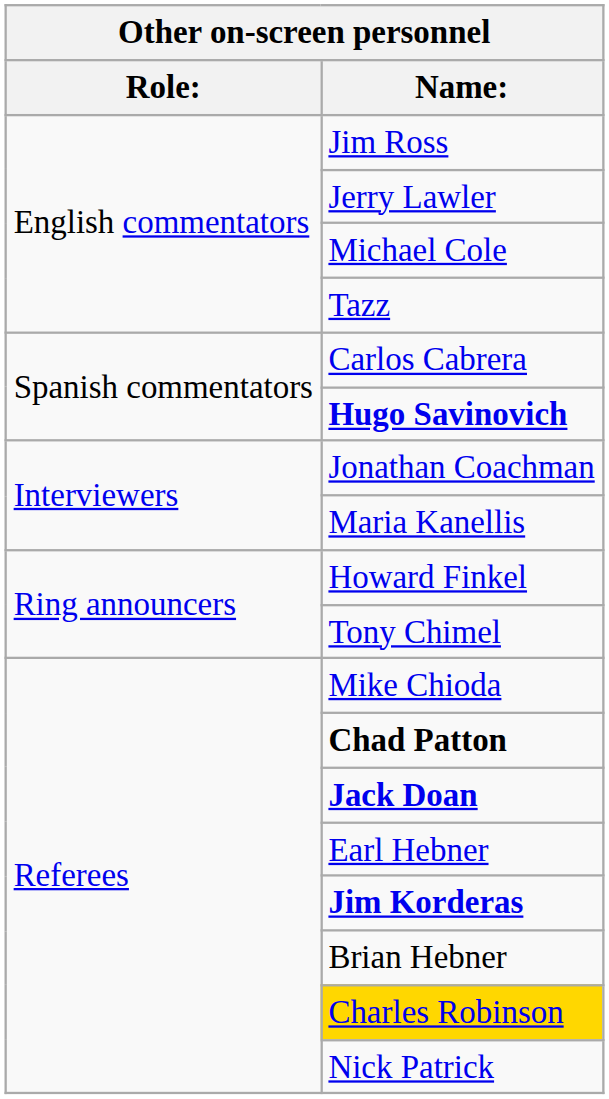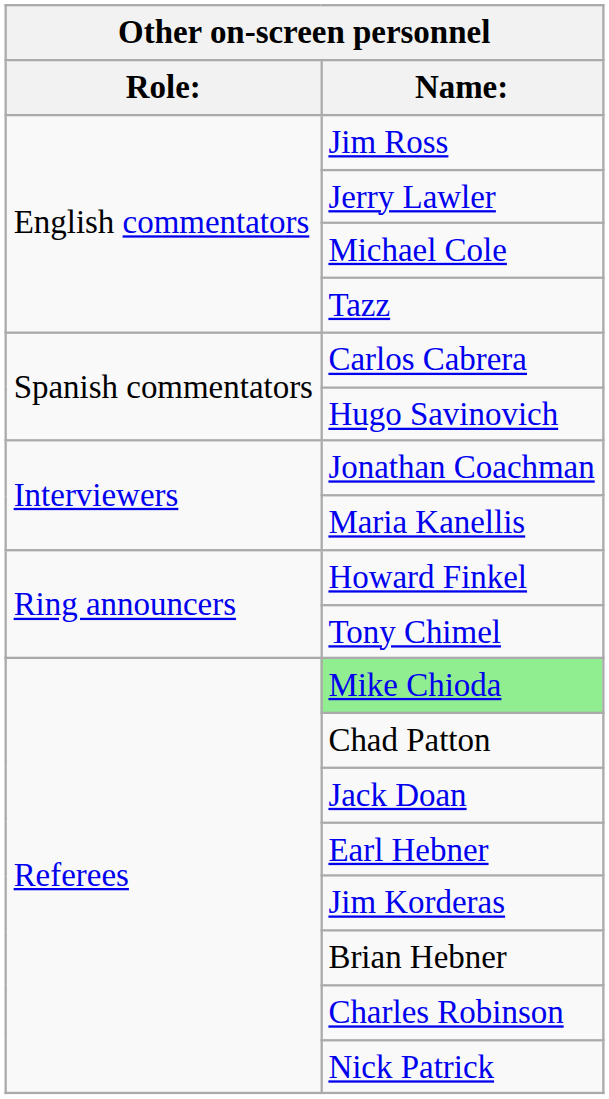 <table align="right" class="wikitable" style="border:1px; font-size:90%; margin-left:1em;">
 <tr>
 <th colspan=2 width=250><strong>Other on-screen personnel</strong></th>
 </tr>
 <tr>
 <th>Role:</th>
 <th>Name:</th>
 </tr>
 <tr>
 <td rowspan=4>English <a href='#'>commentators</a></td>
 <td><a href='#'>Jim Ross</a> </td>
 </tr>
 <tr>
 <td><a href='#'>Jerry Lawler</a> </td>
 </tr>
 <tr>
 <td><a href='#'>Michael Cole</a> </td>
 </tr>
 <tr>
 <td><a href='#'>Tazz</a> </td>
 </tr>
 <tr>
 <td rowspan=2>Spanish commentators</td>
 <td><a href='#'>Carlos Cabrera</a> </td>
 </tr>
 <tr>
-<td><strong><a href='#'>Hugo Savinovich</a> </strong></td>
+<td><a href='#'>Hugo Savinovich</a> </td>
 </tr>
 <tr>
 <td rowspan=2><a href='#'>Interviewers</a></td>
 <td><a href='#'>Jonathan Coachman</a></td>
 </tr>
 <tr>
 <td><a href='#'>Maria Kanellis</a></td>
 </tr>
 <tr>
 <td rowspan=2><a href='#'>Ring announcers</a></td>
 <td><a href='#'>Howard Finkel</a> </td>
 </tr>
 <tr>
 <td><a href='#'>Tony Chimel</a> </td>
 </tr>
 <tr>
 <td rowspan=8><a href='#'>Referees</a></td>
-<td><a href='#'>Mike Chioda</a> </td>
+<td style="background: lightgreen;"><a href='#'>Mike Chioda</a> </td>
 </tr>
 <tr>
-<td><strong>Chad Patton </strong></td>
+<td>Chad Patton </td>
 </tr>
 <tr>
-<td><strong><a href='#'>Jack Doan</a> </strong></td>
+<td><a href='#'>Jack Doan</a> </td>
 </tr>
 <tr>
 <td><a href='#'>Earl Hebner</a> </td>
 </tr>
 <tr>
-<td><strong><a href='#'>Jim Korderas</a> </strong></td>
+<td><a href='#'>Jim Korderas</a> </td>
 </tr>
 <tr>
 <td>Brian Hebner </td>
 </tr>
 <tr>
-<td style="background: gold;"><a href='#'>Charles Robinson</a> </td>
+<td><a href='#'>Charles Robinson</a> </td>
 </tr>
 <tr>
 <td><a href='#'>Nick Patrick</a> </td>
 </tr>
 </table>
